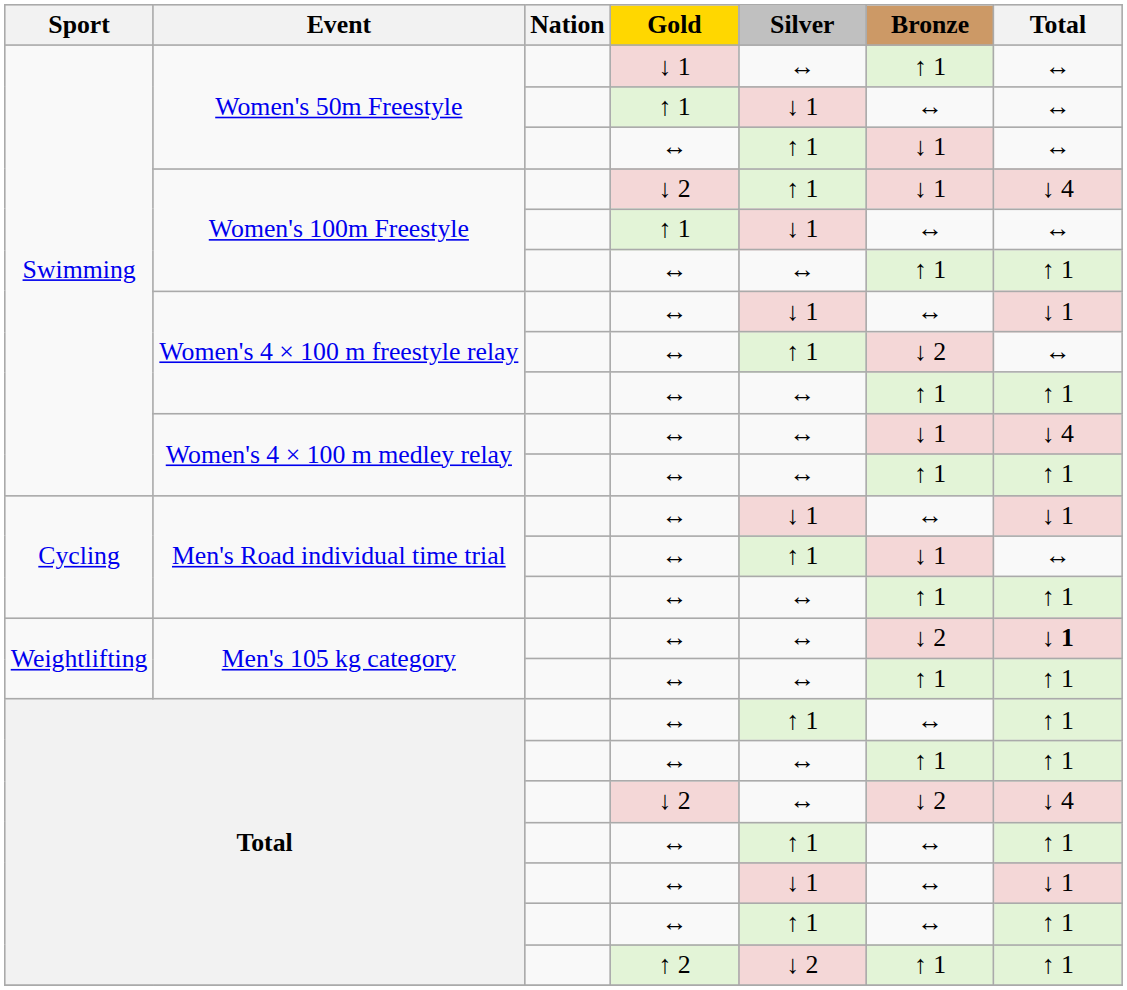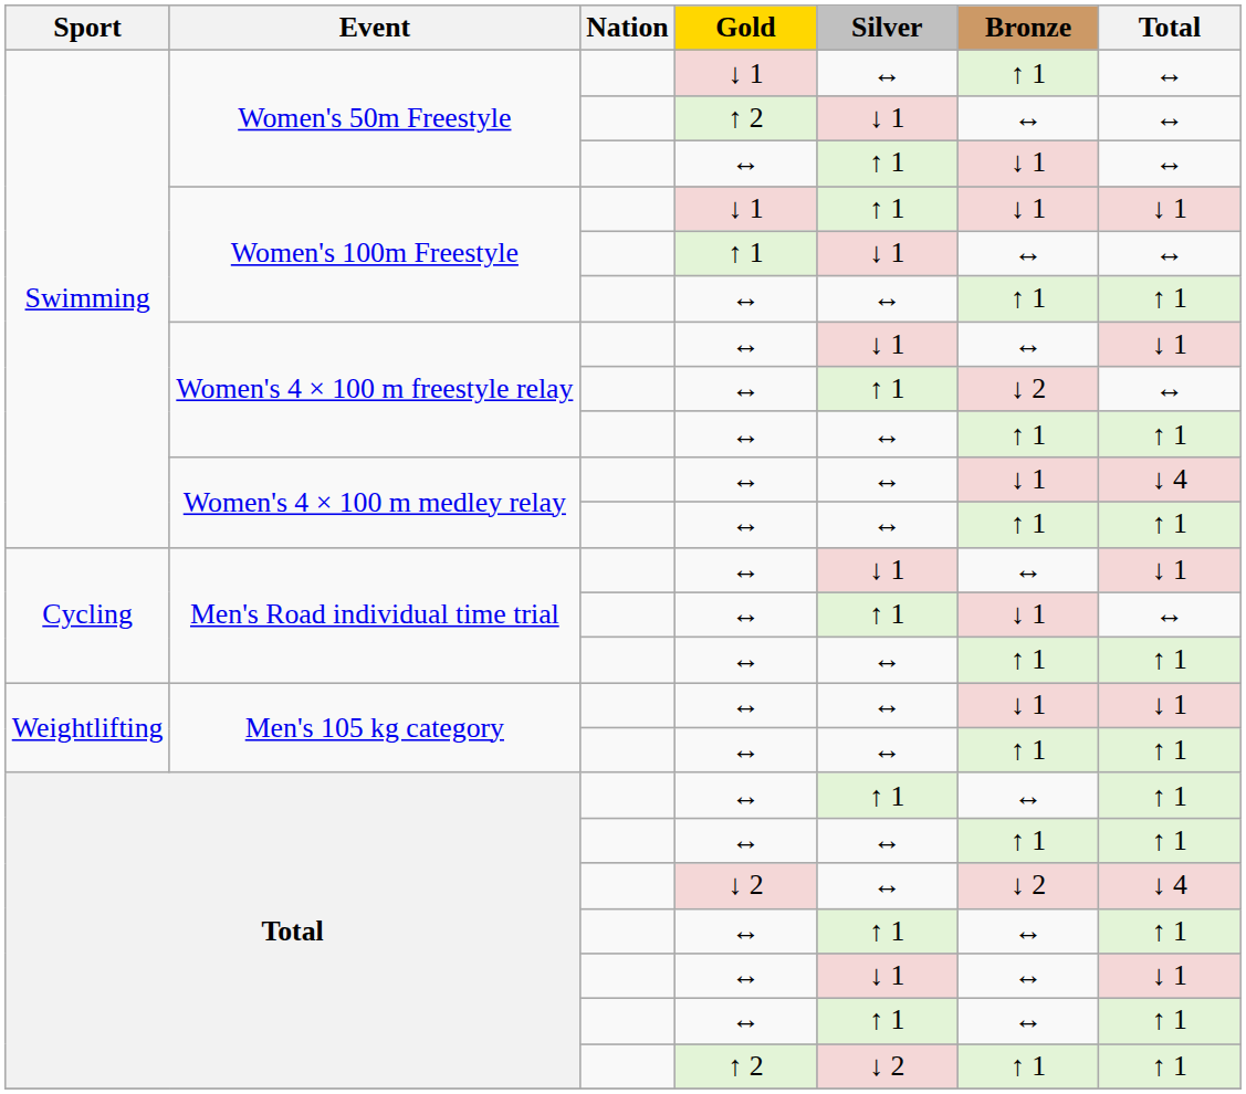 <table class="wikitable" style="text-align:center">
 <tr>
 <th>Sport</th>
 <th>Event</th>
 <th>Nation</th>
 <td style="background:gold; width:4.5em; font-weight:bold">Gold</td>
 <td style="background:silver; width:4.5em; font-weight:bold">Silver</td>
 <td style="background:#cc9966; width:4.5em; font-weight:bold">Bronze</td>
 <th style="width:4.5em">Total</th>
 </tr>
 <tr>
 <td rowspan=11><a href='#'>Swimming</a></td>
 <td rowspan=3><a href='#'>Women's 50m Freestyle</a></td>
 <td align=left></td>
 <td bgcolor="#f4d7d7">↓ 1</td>
 <td>↔</td>
 <td bgcolor="#e3f4d7">↑ 1</td>
 <td>↔</td>
 </tr>
 <tr>
 <td align=left></td>
-<td bgcolor="#e3f4d7">↑ 1</td>
+<td bgcolor="#e3f4d7">↑ 2</td>
 <td bgcolor="#f4d7d7">↓ 1</td>
 <td>↔</td>
 <td>↔</td>
 </tr>
 <tr>
 <td align=left></td>
 <td>↔</td>
 <td bgcolor="#e3f4d7">↑ 1</td>
 <td bgcolor="#f4d7d7">↓ 1</td>
 <td>↔</td>
 </tr>
 <tr>
 <td rowspan=3><a href='#'>Women's 100m Freestyle</a></td>
 <td align=left></td>
-<td bgcolor="#f4d7d7">↓ 2</td>
+<td bgcolor="#f4d7d7">↓ 1</td>
 <td bgcolor="#e3f4d7">↑ 1</td>
 <td bgcolor="#f4d7d7">↓ 1</td>
-<td bgcolor="#f4d7d7">↓ 4</td>
+<td bgcolor="#f4d7d7">↓ 1</td>
 </tr>
 <tr>
 <td align=left></td>
 <td bgcolor="#e3f4d7">↑ 1</td>
 <td bgcolor="#f4d7d7">↓ 1</td>
 <td>↔</td>
 <td>↔</td>
 </tr>
 <tr>
 <td align=left></td>
 <td>↔</td>
 <td>↔</td>
 <td bgcolor="#e3f4d7">↑ 1</td>
 <td bgcolor="#e3f4d7">↑ 1</td>
 </tr>
 <tr>
 <td rowspan=3><a href='#'>Women's 4 × 100 m freestyle relay</a></td>
 <td align=left></td>
 <td>↔</td>
 <td bgcolor="#f4d7d7">↓ 1</td>
 <td>↔</td>
 <td bgcolor="#f4d7d7">↓ 1</td>
 </tr>
 <tr>
 <td align=left></td>
 <td>↔</td>
 <td bgcolor="#e3f4d7">↑ 1</td>
 <td bgcolor="#f4d7d7">↓ 2</td>
 <td>↔</td>
 </tr>
 <tr>
 <td align=left></td>
 <td>↔</td>
 <td>↔</td>
 <td bgcolor="#e3f4d7">↑ 1</td>
 <td bgcolor="#e3f4d7">↑ 1</td>
 </tr>
 <tr>
 <td rowspan=2><a href='#'>Women's 4 × 100 m medley relay</a></td>
 <td align=left></td>
 <td>↔</td>
 <td>↔</td>
 <td bgcolor="#f4d7d7">↓ 1</td>
 <td bgcolor="#f4d7d7">↓ 4</td>
 </tr>
 <tr>
 <td align=left></td>
 <td>↔</td>
 <td>↔</td>
 <td bgcolor="#e3f4d7">↑ 1</td>
 <td bgcolor="#e3f4d7">↑ 1</td>
 </tr>
 <tr>
 <td rowspan=3><a href='#'>Cycling</a></td>
 <td rowspan=3><a href='#'>Men's Road individual time trial</a></td>
 <td align=left></td>
 <td>↔</td>
 <td bgcolor="#f4d7d7">↓ 1</td>
 <td>↔</td>
 <td bgcolor="#f4d7d7">↓ 1</td>
 </tr>
 <tr>
 <td align=left></td>
 <td>↔</td>
 <td bgcolor="#e3f4d7">↑ 1</td>
 <td bgcolor="#f4d7d7">↓ 1</td>
 <td>↔</td>
 </tr>
 <tr>
 <td align=left></td>
 <td>↔</td>
 <td>↔</td>
 <td bgcolor="#e3f4d7">↑ 1</td>
 <td bgcolor="#e3f4d7">↑ 1</td>
 </tr>
 <tr>
 <td rowspan=2><a href='#'>Weightlifting</a></td>
 <td rowspan=2><a href='#'>Men's 105 kg category</a></td>
 <td align=left></td>
 <td>↔</td>
 <td>↔</td>
-<td bgcolor="#f4d7d7">↓ 2</td>
-<td bgcolor="#f4d7d7"><strong>↓ 1</strong></td>
+<td bgcolor="#f4d7d7">↓ 1</td>
+<td bgcolor="#f4d7d7">↓ 1</td>
 </tr>
 <tr>
 <td align=left></td>
 <td>↔</td>
 <td>↔</td>
 <td bgcolor="#e3f4d7">↑ 1</td>
 <td bgcolor="#e3f4d7">↑ 1</td>
 </tr>
 <tr>
 <th rowspan=7 colspan=2>Total</th>
 <td align=left></td>
 <td>↔</td>
 <td bgcolor="#e3f4d7">↑ 1</td>
 <td>↔</td>
 <td bgcolor="#e3f4d7">↑ 1</td>
 </tr>
 <tr>
 <td align=left></td>
 <td>↔</td>
 <td>↔</td>
 <td bgcolor="#e3f4d7">↑ 1</td>
 <td bgcolor="#e3f4d7">↑ 1</td>
 </tr>
 <tr>
 <td align=left></td>
 <td bgcolor="#f4d7d7">↓ 2</td>
 <td>↔</td>
 <td bgcolor="#f4d7d7">↓ 2</td>
 <td bgcolor="#f4d7d7">↓ 4</td>
 </tr>
 <tr>
 <td align=left></td>
 <td>↔</td>
 <td bgcolor="#e3f4d7">↑ 1</td>
 <td>↔</td>
 <td bgcolor="#e3f4d7">↑ 1</td>
 </tr>
 <tr>
 <td align=left></td>
 <td>↔</td>
 <td bgcolor="#f4d7d7">↓ 1</td>
 <td>↔</td>
 <td bgcolor="#f4d7d7">↓ 1</td>
 </tr>
 <tr>
 <td align=left></td>
 <td>↔</td>
 <td bgcolor="#e3f4d7">↑ 1</td>
 <td>↔</td>
 <td bgcolor="#e3f4d7">↑ 1</td>
 </tr>
 <tr>
 <td align=left></td>
 <td bgcolor="#e3f4d7">↑ 2</td>
 <td bgcolor="#f4d7d7">↓ 2</td>
 <td bgcolor="#e3f4d7">↑ 1</td>
 <td bgcolor="#e3f4d7">↑ 1</td>
 </tr>
 <tr>
 </tr>
 </table>
